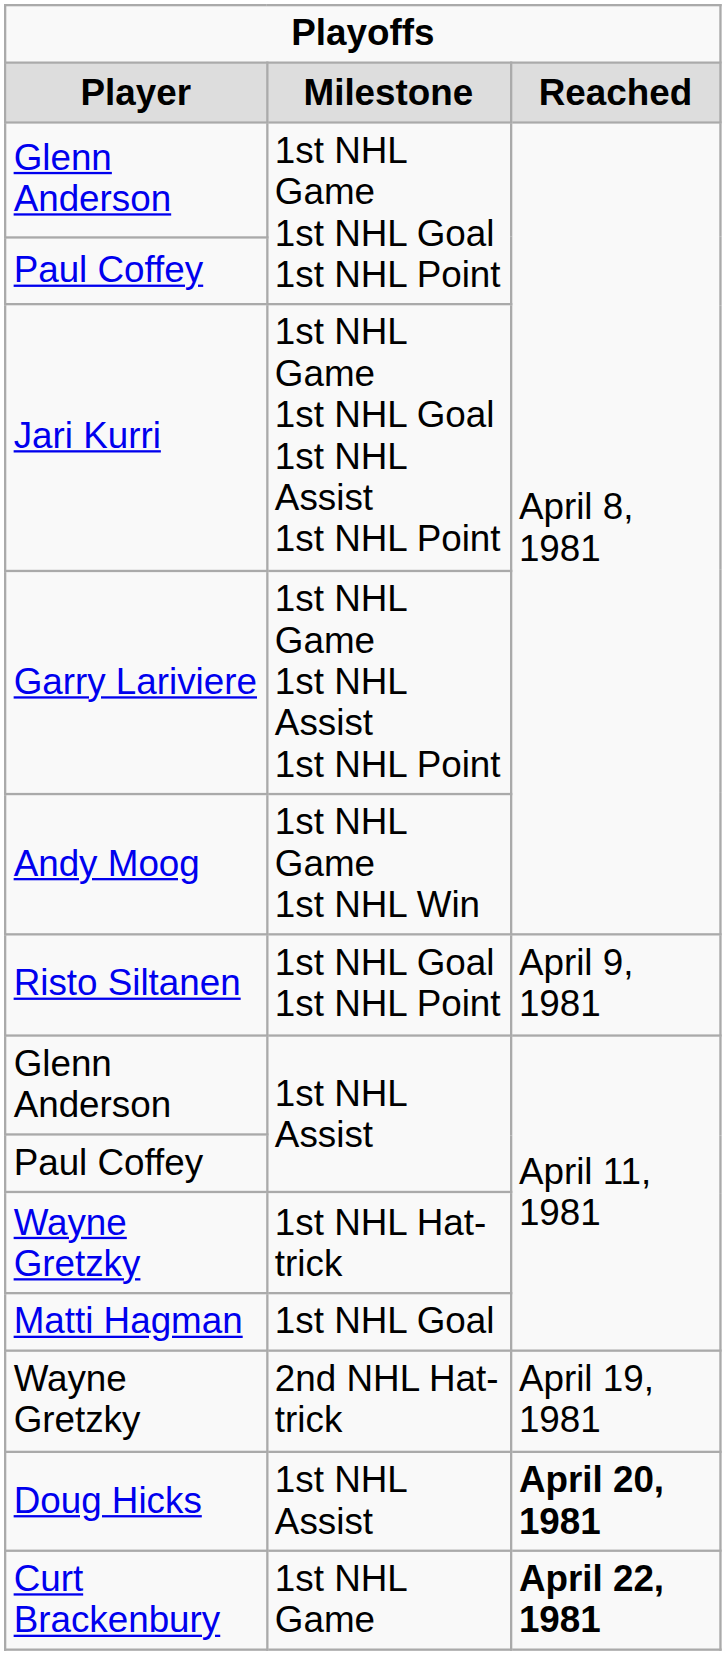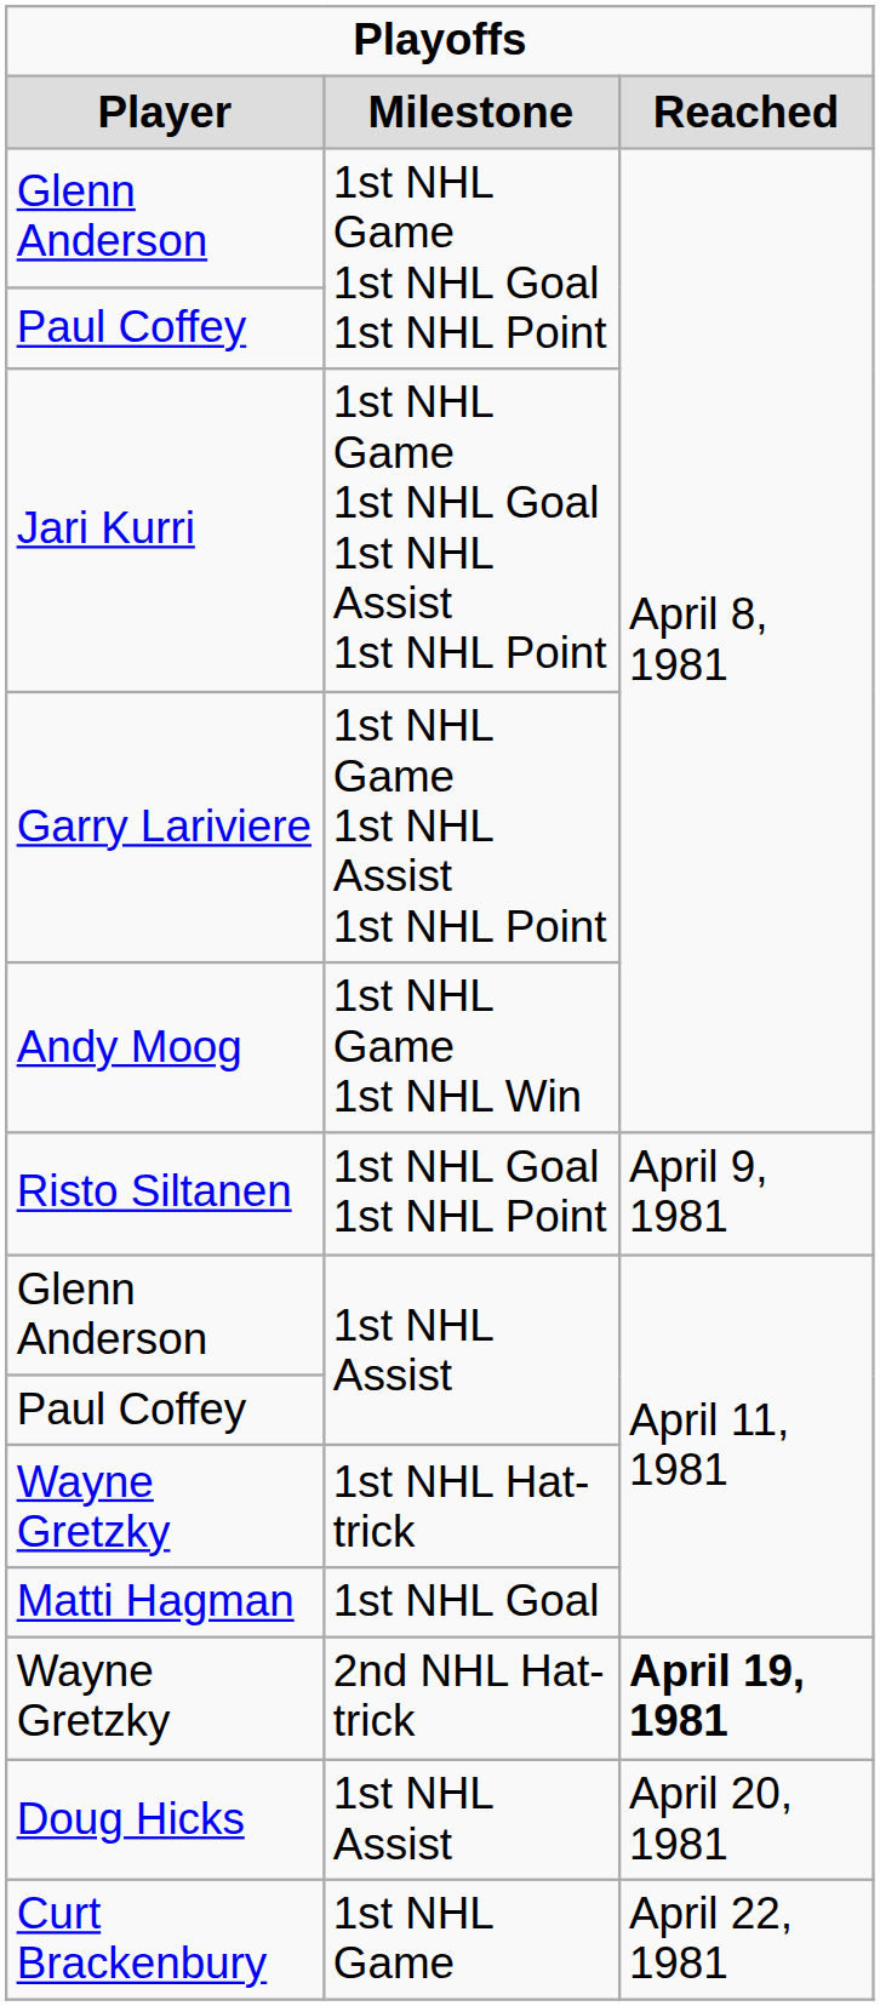 <table class="wikitable" style="width:50%;">
 <tr>
 <td colspan="10" style="text-align:center;"><strong>Playoffs</strong></td>
 </tr>
 <tr style="text-align:center; background:#ddd;">
 <td><strong>Player</strong></td>
 <td><strong>Milestone</strong></td>
 <td><strong>Reached</strong></td>
 </tr>
 <tr>
 <td><a href='#'>Glenn Anderson</a></td>
 <td rowspan="2">1st NHL Game<br>1st NHL Goal<br>1st NHL Point</td>
 <td rowspan="5">April 8, 1981</td>
 </tr>
 <tr>
 <td><a href='#'>Paul Coffey</a></td>
 </tr>
 <tr>
 <td><a href='#'>Jari Kurri</a></td>
 <td>1st NHL Game<br>1st NHL Goal<br>1st NHL Assist<br>1st NHL Point</td>
 </tr>
 <tr>
 <td><a href='#'>Garry Lariviere</a></td>
 <td>1st NHL Game<br>1st NHL Assist<br>1st NHL Point</td>
 </tr>
 <tr>
 <td><a href='#'>Andy Moog</a></td>
 <td>1st NHL Game<br>1st NHL Win</td>
 </tr>
 <tr>
 <td><a href='#'>Risto Siltanen</a></td>
 <td>1st NHL Goal<br>1st NHL Point</td>
 <td>April 9, 1981</td>
 </tr>
 <tr>
 <td>Glenn Anderson</td>
 <td rowspan="2">1st NHL Assist</td>
 <td rowspan="4">April 11, 1981</td>
 </tr>
 <tr>
 <td>Paul Coffey</td>
 </tr>
 <tr>
 <td><a href='#'>Wayne Gretzky</a></td>
 <td>1st NHL Hat-trick</td>
 </tr>
 <tr>
 <td><a href='#'>Matti Hagman</a></td>
 <td>1st NHL Goal</td>
 </tr>
 <tr>
 <td>Wayne Gretzky</td>
 <td>2nd NHL Hat-trick</td>
-<td>April 19, 1981</td>
+<td><strong>April 19, 1981</strong></td>
 </tr>
 <tr>
 <td><a href='#'>Doug Hicks</a></td>
 <td>1st NHL Assist</td>
-<td><strong>April 20, 1981</strong></td>
+<td>April 20, 1981</td>
 </tr>
 <tr>
 <td><a href='#'>Curt Brackenbury</a></td>
 <td>1st NHL Game</td>
-<td><strong>April 22, 1981</strong></td>
+<td>April 22, 1981</td>
 </tr>
 </table>
